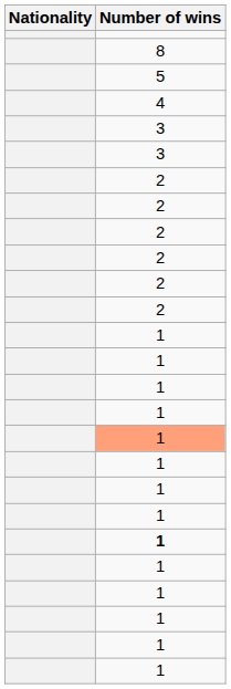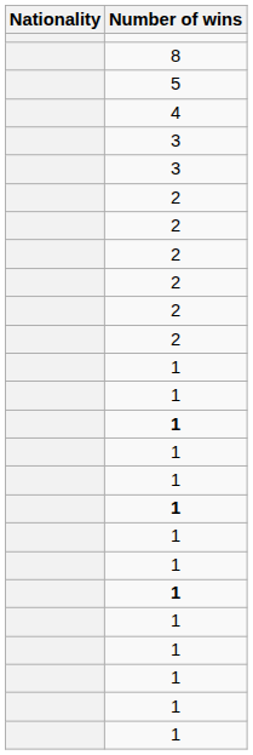 <table class="wikitable plainrowheaders sortable">
 <tr>
 <th scope=col>Nationality</th>
 <th scope=col>Number of wins</th>
 </tr>
 <tr>
 <th scope=row></th>
 <td align=center></td>
 </tr>
 <tr>
 <th scope=row></th>
 <td align=center>8</td>
 </tr>
 <tr>
 <th scope=row></th>
 <td align=center>5</td>
 </tr>
 <tr>
 <th scope=row></th>
 <td align=center>4</td>
 </tr>
 <tr>
 <th scope=row></th>
 <td align=center>3</td>
 </tr>
 <tr>
 <th scope=row></th>
 <td align=center>3</td>
 </tr>
 <tr>
 <th scope=row></th>
 <td align=center>2</td>
 </tr>
 <tr>
 <th scope=row></th>
 <td align=center>2</td>
 </tr>
 <tr>
 <th scope=row></th>
 <td align=center>2</td>
 </tr>
 <tr>
 <th scope=row></th>
 <td align=center>2</td>
 </tr>
 <tr>
 <th scope=row></th>
 <td align=center>2</td>
 </tr>
 <tr>
 <th scope=row></th>
 <td align=center>2</td>
 </tr>
 <tr>
 <th scope=row></th>
 <td align=center>1</td>
 </tr>
 <tr>
 <th scope=row></th>
 <td align=center>1</td>
 </tr>
 <tr>
 <th scope=row></th>
+<td align=center><strong>1</strong></td>
+</tr>
+<tr>
+<th scope=row></th>
 <td align=center>1</td>
 </tr>
 <tr>
 <th scope=row></th>
 <td align=center>1</td>
 </tr>
 <tr>
 <th scope=row></th>
-<td align=center style="background: lightsalmon;">1</td>
-</tr>
-<tr>
-<th scope=row></th>
-<td align=center>1</td>
+<td align=center><strong>1</strong></td>
 </tr>
 <tr>
 <th scope=row></th>
 <td align=center>1</td>
 </tr>
 <tr>
 <th scope=row></th>
 <td align=center>1</td>
 </tr>
 <tr>
 <th scope=row></th>
 <td align=center><strong>1</strong></td>
 </tr>
 <tr>
 <th scope=row></th>
 <td align=center>1</td>
 </tr>
 <tr>
 <th scope=row></th>
 <td align=center>1</td>
 </tr>
 <tr>
 <th scope=row></th>
 <td align=center>1</td>
 </tr>
 <tr>
 <th scope=row></th>
 <td align=center>1</td>
 </tr>
 <tr>
 <th scope=row></th>
 <td align=center>1</td>
 </tr>
 </table>
